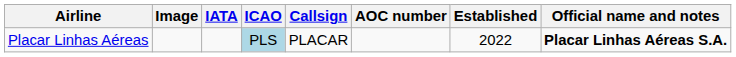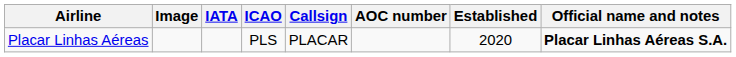 <table class="wikitable sortable" style="border: 0; cellpadding: 2; cellspacing: 3; text-align:center; width:10m;">
 <tr valign="middle">
 <th>Airline</th>
 <th>Image</th>
 <th><a href='#'>IATA</a></th>
 <th><a href='#'>ICAO</a></th>
 <th><a href='#'>Callsign</a></th>
 <th>AOC number</th>
 <th>Established</th>
 <th class="unsortable">Official name and notes</th>
 </tr>
 <tr>
 <td><a href='#'>Placar Linhas Aéreas</a></td>
 <td></td>
 <td></td>
-<td style="background: lightblue;">PLS</td>
+<td>PLS</td>
 <td>PLACAR</td>
 <td></td>
-<td>2022</td>
+<td>2020</td>
 <td><strong>Placar Linhas Aéreas S.A.</strong></td>
 </tr>
 </table>
